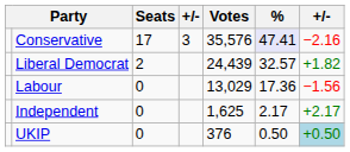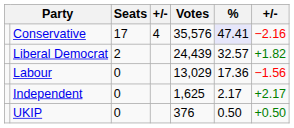 <table class="wikitable">
 <tr>
 <th colspan="2">Party</th>
 <th>Seats</th>
 <th>+/-</th>
 <th>Votes</th>
 <th>%</th>
 <th>+/-</th>
 </tr>
 <tr>
 <td style="background-color: "></td>
 <td><a href='#'>Conservative</a></td>
 <td>17</td>
-<td> 3</td>
+<td> 4</td>
 <td>35,576</td>
 <td style="background: lavender;">47.41</td>
 <td style="color:red">−2.16</td>
 </tr>
 <tr>
 <td style="background-color: "></td>
 <td><a href='#'>Liberal Democrat</a></td>
 <td>2</td>
 <td></td>
 <td>24,439</td>
 <td>32.57</td>
 <td style="color:green">+1.82</td>
 </tr>
 <tr>
 <td style="background-color: "></td>
 <td><a href='#'>Labour</a></td>
 <td>0</td>
 <td></td>
 <td>13,029</td>
 <td>17.36</td>
 <td style="color:red">−1.56</td>
 </tr>
 <tr>
 <td style="background-color: "></td>
 <td><a href='#'>Independent</a></td>
 <td>0</td>
 <td></td>
 <td>1,625</td>
 <td>2.17</td>
 <td style="color:green">+2.17</td>
 </tr>
 <tr>
 <td style="background-color: "></td>
 <td><a href='#'>UKIP</a></td>
 <td>0</td>
 <td></td>
 <td>376</td>
 <td>0.50</td>
-<td style="background: lightblue; color:green">+0.50</td>
+<td style="color:green">+0.50</td>
 </tr>
 </table>
